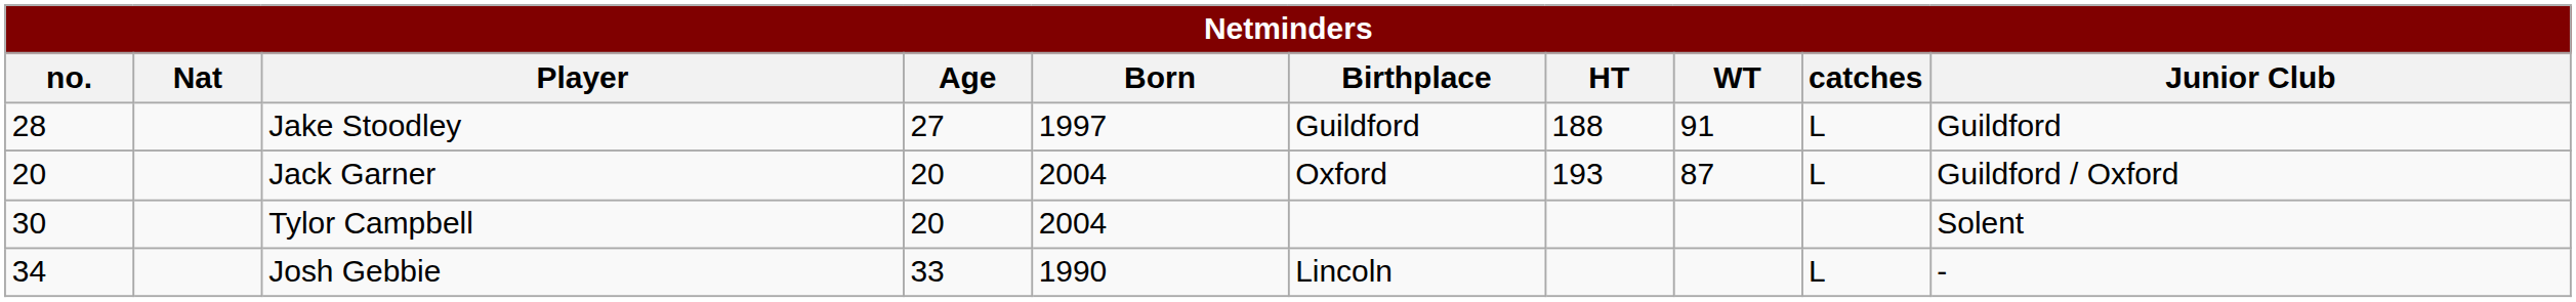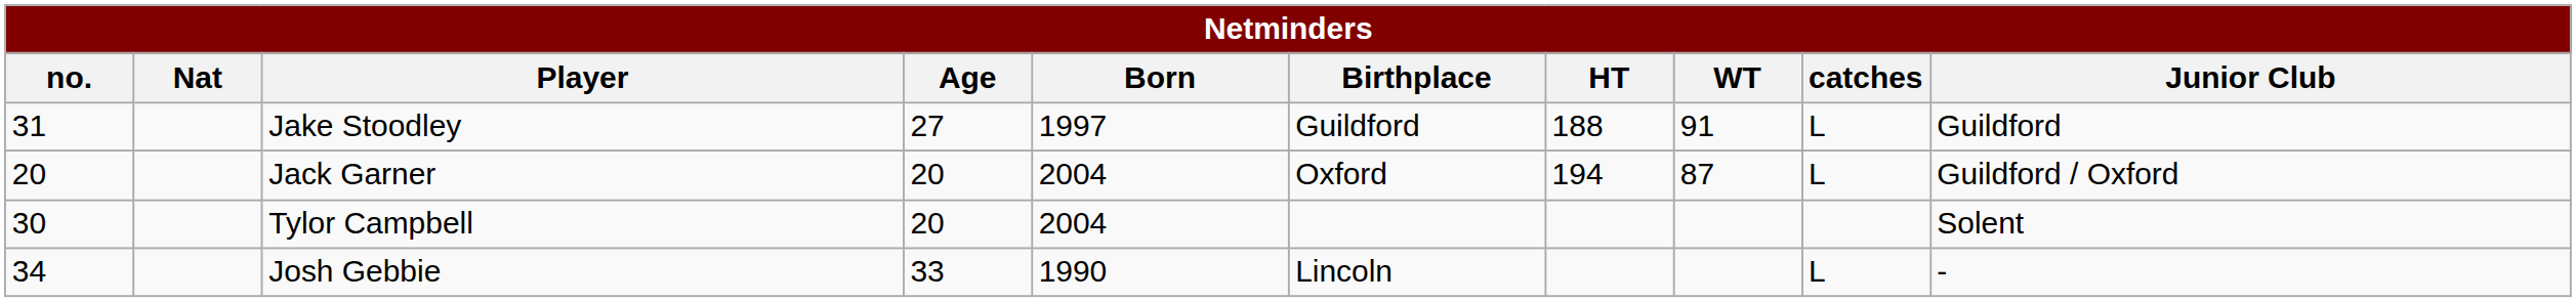 <table class="wikitable">
 <tr>
 <th colspan="10" style="background:#800000; color:white;”">Netminders</th>
 </tr>
 <tr>
 <th width=5%>no.</th>
 <th width=5%>Nat</th>
 <th width=25%>Player</th>
 <th width=5%>Age</th>
 <th width=10%>Born</th>
 <th width=10%>Birthplace</th>
 <th width=5%>HT</th>
 <th width=5%>WT</th>
 <th width=5%>catches</th>
 <th width=25%>Junior Club</th>
 </tr>
 <tr>
-<td>28</td>
+<td>31</td>
 <td></td>
 <td>Jake Stoodley</td>
 <td>27</td>
 <td>1997</td>
 <td>Guildford</td>
 <td>188</td>
 <td>91</td>
 <td>L</td>
 <td>Guildford</td>
 </tr>
 <tr>
 <td>20</td>
 <td></td>
 <td>Jack Garner</td>
 <td>20</td>
 <td>2004</td>
 <td>Oxford</td>
-<td>193</td>
+<td>194</td>
 <td>87</td>
 <td>L</td>
 <td>Guildford / Oxford</td>
 </tr>
 <tr>
 <td>30</td>
 <td></td>
 <td>Tylor Campbell</td>
 <td>20</td>
 <td>2004</td>
 <td></td>
 <td></td>
 <td></td>
 <td></td>
 <td>Solent</td>
 </tr>
 <tr>
 <td>34</td>
 <td></td>
 <td>Josh Gebbie</td>
 <td>33</td>
 <td>1990</td>
 <td>Lincoln</td>
 <td></td>
 <td></td>
 <td>L</td>
 <td>-</td>
 </tr>
 </table>
